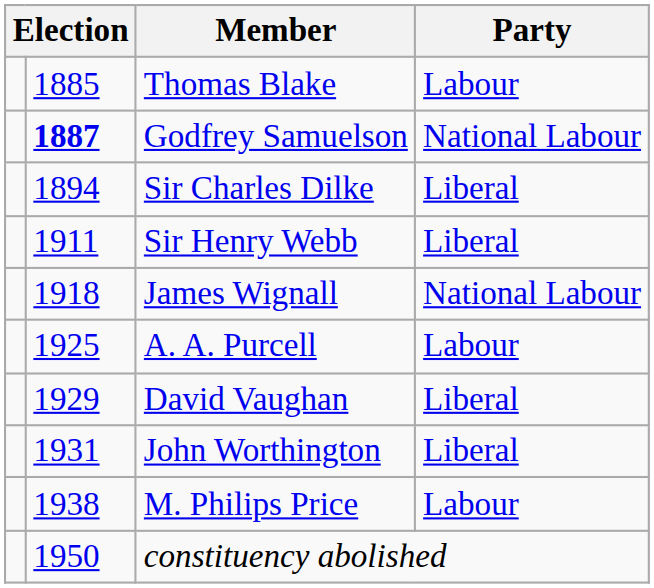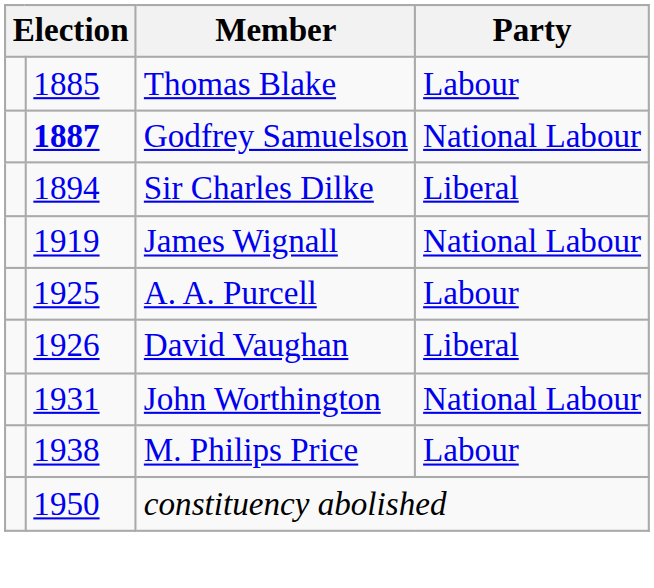 <table class="wikitable">
 <tr>
 <th colspan="2">Election</th>
 <th>Member</th>
 <th>Party</th>
 </tr>
 <tr>
 <td style="color:inherit;background-color: "></td>
 <td><a href='#'>1885</a></td>
 <td><a href='#'>Thomas Blake</a></td>
 <td><a href='#'>Labour</a></td>
 </tr>
 <tr>
 <td style="color:inherit;background-color: "></td>
 <td><strong><a href='#'>1887</a></strong></td>
 <td><a href='#'>Godfrey Samuelson</a></td>
 <td><a href='#'>National Labour</a></td>
 </tr>
 <tr>
 <td style="color:inherit;background-color: "></td>
 <td><a href='#'>1894</a></td>
 <td><a href='#'>Sir Charles Dilke</a></td>
 <td><a href='#'>Liberal</a></td>
 </tr>
 <tr>
 <td style="color:inherit;background-color: "></td>
-<td><a href='#'>1911</a></td>
-<td><a href='#'>Sir Henry Webb</a></td>
-<td><a href='#'>Liberal</a></td>
-</tr>
-<tr>
-<td style="color:inherit;background-color: "></td>
-<td><a href='#'>1918</a></td>
+<td><a href='#'>1919</a></td>
 <td><a href='#'>James Wignall</a></td>
 <td><a href='#'>National Labour</a></td>
 </tr>
 <tr>
 <td style="color:inherit;background-color: "></td>
 <td><a href='#'>1925</a></td>
 <td><a href='#'>A. A. Purcell</a></td>
 <td><a href='#'>Labour</a></td>
 </tr>
 <tr>
 <td style="color:inherit;background-color: "></td>
-<td><a href='#'>1929</a></td>
+<td><a href='#'>1926</a></td>
 <td><a href='#'>David Vaughan</a></td>
 <td><a href='#'>Liberal</a></td>
 </tr>
 <tr>
 <td style="color:inherit;background-color: "></td>
 <td><a href='#'>1931</a></td>
 <td><a href='#'>John Worthington</a></td>
-<td><a href='#'>Liberal</a></td>
+<td><a href='#'>National Labour</a></td>
 </tr>
 <tr>
 <td style="color:inherit;background-color: "></td>
 <td><a href='#'>1938</a></td>
 <td><a href='#'>M. Philips Price</a></td>
 <td><a href='#'>Labour</a></td>
 </tr>
 <tr>
 <td></td>
 <td><a href='#'>1950</a></td>
 <td colspan="2"><em>constituency abolished</em></td>
 </tr>
 </table>
